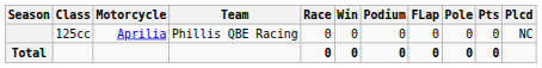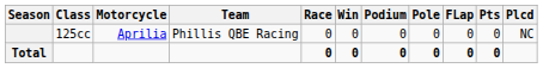 <table class="wikitable" style=text-align:right>
 <tr>
 <th>Season</th>
 <th>Class</th>
 <th>Motorcycle</th>
 <th>Team</th>
 <th>Race</th>
 <th>Win</th>
 <th>Podium</th>
+<th>Pole</th>
 <th>FLap</th>
-<th>Pole</th>
 <th>Pts</th>
 <th>Plcd</th>
 </tr>
 <tr>
 <th></th>
 <td>125cc</td>
 <td><a href='#'>Aprilia</a></td>
 <td>Phillis QBE Racing</td>
 <td>0</td>
 <td>0</td>
 <td>0</td>
 <td>0</td>
 <td>0</td>
 <td>0</td>
 <td>NC</td>
 </tr>
 <tr>
 <th>Total</th>
 <td></td>
 <td></td>
 <td></td>
 <td><strong>0</strong></td>
 <td><strong>0</strong></td>
 <td><strong>0</strong></td>
 <td><strong>0</strong></td>
 <td><strong>0</strong></td>
 <td><strong>0</strong></td>
 <td></td>
 </tr>
 </table>
